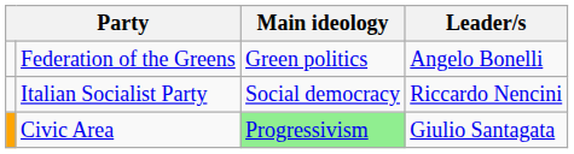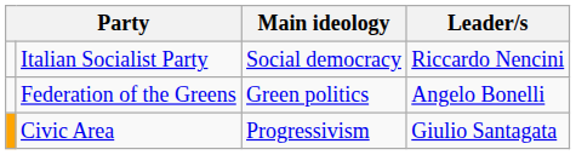 <table class="wikitable" style="font-size:95%">
 <tr>
 <th colspan=2>Party</th>
 <th>Main ideology</th>
 <th>Leader/s</th>
 </tr>
 <tr>
 <td></td>
+<td><a href='#'>Italian Socialist Party</a></td>
+<td><a href='#'>Social democracy</a></td>
+<td><a href='#'>Riccardo Nencini</a></td>
+</tr>
+<tr>
+<td></td>
 <td><a href='#'>Federation of the Greens</a></td>
 <td><a href='#'>Green politics</a></td>
 <td><a href='#'>Angelo Bonelli</a></td>
 </tr>
 <tr>
-<td></td>
-<td><a href='#'>Italian Socialist Party</a></td>
-<td><a href='#'>Social democracy</a></td>
-<td><a href='#'>Riccardo Nencini</a></td>
-</tr>
-<tr>
 <td bgcolor="orange"></td>
 <td><a href='#'>Civic Area</a></td>
-<td style="background: lightgreen;"><a href='#'>Progressivism</a></td>
+<td><a href='#'>Progressivism</a></td>
 <td><a href='#'>Giulio Santagata</a></td>
 </tr>
 </table>
